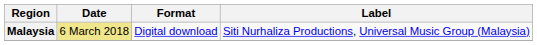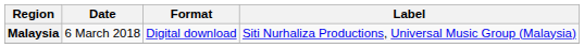 <table class="wikitable plainrowheaders" border="1">
 <tr>
 <th>Region</th>
 <th>Date</th>
 <th>Format</th>
 <th>Label</th>
 </tr>
 <tr>
 <th rowspan="1">Malaysia</th>
-<td rowspan="1" style="background: khaki;">6 March 2018</td>
+<td rowspan="1">6 March 2018</td>
 <td rowspan="1"><a href='#'>Digital download</a></td>
 <td rowspan="1"><a href='#'>Siti Nurhaliza Productions</a>, <a href='#'>Universal Music Group (Malaysia)</a></td>
 </tr>
 <tr>
 </tr>
 </table>
